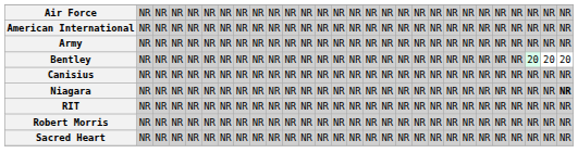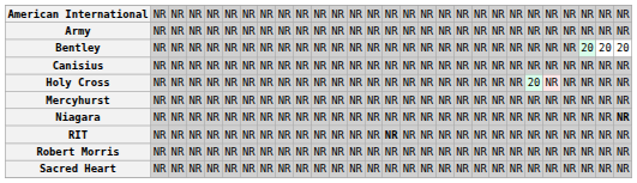 <table class="wikitable sortable" style="text-align: center;">
 <tr>
-</tr>
-<tr bgcolor=d0d0d0>
-<th><strong>Air Force</strong></th>
-<td>NR</td>
-<td>NR</td>
-<td>NR</td>
-<td>NR</td>
-<td>NR</td>
-<td>NR</td>
-<td>NR</td>
-<td>NR</td>
-<td>NR</td>
-<td>NR</td>
-<td>NR</td>
-<td>NR</td>
-<td>NR</td>
-<td>NR</td>
-<td>NR</td>
-<td>NR</td>
-<td>NR</td>
-<td>NR</td>
-<td>NR</td>
-<td>NR</td>
-<td>NR</td>
-<td>NR</td>
-<td>NR</td>
-<td>NR</td>
-<td>NR</td>
-<td>NR</td>
-<td>NR</td>
 </tr>
 <tr bgcolor=d0d0d0>
 <th><strong>American International</strong></th>
 <td>NR</td>
 <td>NR</td>
 <td>NR</td>
 <td>NR</td>
 <td>NR</td>
 <td>NR</td>
 <td>NR</td>
 <td>NR</td>
 <td>NR</td>
 <td>NR</td>
 <td>NR</td>
 <td>NR</td>
 <td>NR</td>
 <td>NR</td>
 <td>NR</td>
 <td>NR</td>
 <td>NR</td>
 <td>NR</td>
 <td>NR</td>
 <td>NR</td>
 <td>NR</td>
 <td>NR</td>
 <td>NR</td>
 <td>NR</td>
 <td>NR</td>
 <td>NR</td>
 <td>NR</td>
 </tr>
 <tr bgcolor=d0d0d0>
 <th><strong>Army</strong></th>
 <td>NR</td>
 <td>NR</td>
 <td>NR</td>
 <td>NR</td>
 <td>NR</td>
 <td>NR</td>
 <td>NR</td>
 <td>NR</td>
 <td>NR</td>
 <td>NR</td>
 <td>NR</td>
 <td>NR</td>
 <td>NR</td>
 <td>NR</td>
 <td>NR</td>
 <td>NR</td>
 <td>NR</td>
 <td>NR</td>
 <td>NR</td>
 <td>NR</td>
 <td>NR</td>
 <td>NR</td>
 <td>NR</td>
 <td>NR</td>
 <td>NR</td>
 <td>NR</td>
 <td>NR</td>
 </tr>
 <tr bgcolor=d0d0d0>
 <th><strong>Bentley</strong></th>
 <td>NR</td>
 <td>NR</td>
 <td>NR</td>
 <td>NR</td>
 <td>NR</td>
 <td>NR</td>
 <td>NR</td>
 <td>NR</td>
 <td>NR</td>
 <td>NR</td>
 <td>NR</td>
 <td>NR</td>
 <td>NR</td>
 <td>NR</td>
 <td>NR</td>
 <td>NR</td>
 <td>NR</td>
 <td>NR</td>
 <td>NR</td>
 <td>NR</td>
 <td>NR</td>
 <td>NR</td>
 <td>NR</td>
 <td>NR</td>
 <td bgcolor=D8FFEB>20</td>
 <td bgcolor=ffffff>20</td>
 <td bgcolor=ffffff>20</td>
 </tr>
 <tr bgcolor=d0d0d0>
 <th><strong>Canisius</strong></th>
 <td>NR</td>
 <td>NR</td>
 <td>NR</td>
 <td>NR</td>
 <td>NR</td>
 <td>NR</td>
 <td>NR</td>
 <td>NR</td>
 <td>NR</td>
 <td>NR</td>
 <td>NR</td>
 <td>NR</td>
 <td>NR</td>
 <td>NR</td>
 <td>NR</td>
 <td>NR</td>
 <td>NR</td>
 <td>NR</td>
 <td>NR</td>
 <td>NR</td>
 <td>NR</td>
 <td>NR</td>
 <td>NR</td>
 <td>NR</td>
 <td>NR</td>
 <td>NR</td>
 <td>NR</td>
 </tr>
 <tr bgcolor=d0d0d0>
+<th><strong>Holy Cross</strong></th>
+<td>NR</td>
+<td>NR</td>
+<td>NR</td>
+<td>NR</td>
+<td>NR</td>
+<td>NR</td>
+<td>NR</td>
+<td>NR</td>
+<td>NR</td>
+<td>NR</td>
+<td>NR</td>
+<td>NR</td>
+<td>NR</td>
+<td>NR</td>
+<td>NR</td>
+<td>NR</td>
+<td>NR</td>
+<td>NR</td>
+<td>NR</td>
+<td>NR</td>
+<td>NR</td>
+<td bgcolor=D8FFEB>20</td>
+<td bgcolor=FFE6E6>NR</td>
+<td>NR</td>
+<td>NR</td>
+<td>NR</td>
+<td>NR</td>
+</tr>
+<tr bgcolor=d0d0d0>
+<th><strong>Mercyhurst</strong></th>
+<td>NR</td>
+<td>NR</td>
+<td>NR</td>
+<td>NR</td>
+<td>NR</td>
+<td>NR</td>
+<td>NR</td>
+<td>NR</td>
+<td>NR</td>
+<td>NR</td>
+<td>NR</td>
+<td>NR</td>
+<td>NR</td>
+<td>NR</td>
+<td>NR</td>
+<td>NR</td>
+<td>NR</td>
+<td>NR</td>
+<td>NR</td>
+<td>NR</td>
+<td>NR</td>
+<td>NR</td>
+<td>NR</td>
+<td>NR</td>
+<td>NR</td>
+<td>NR</td>
+<td>NR</td>
+</tr>
+<tr bgcolor=d0d0d0>
 <th><strong>Niagara</strong></th>
 <td>NR</td>
 <td>NR</td>
 <td>NR</td>
 <td>NR</td>
 <td>NR</td>
 <td>NR</td>
 <td>NR</td>
 <td>NR</td>
 <td>NR</td>
 <td>NR</td>
 <td>NR</td>
 <td>NR</td>
 <td>NR</td>
 <td>NR</td>
 <td>NR</td>
 <td>NR</td>
 <td>NR</td>
 <td>NR</td>
 <td>NR</td>
 <td>NR</td>
 <td>NR</td>
 <td>NR</td>
 <td>NR</td>
 <td>NR</td>
 <td>NR</td>
 <td>NR</td>
 <td><strong>NR</strong></td>
 </tr>
 <tr bgcolor=d0d0d0>
 <th><strong>RIT</strong></th>
 <td>NR</td>
 <td>NR</td>
 <td>NR</td>
 <td>NR</td>
 <td>NR</td>
 <td>NR</td>
 <td>NR</td>
 <td>NR</td>
 <td>NR</td>
 <td>NR</td>
 <td>NR</td>
 <td>NR</td>
 <td>NR</td>
-<td>NR</td>
+<td><strong>NR</strong></td>
 <td>NR</td>
 <td>NR</td>
 <td>NR</td>
 <td>NR</td>
 <td>NR</td>
 <td>NR</td>
 <td>NR</td>
 <td>NR</td>
 <td>NR</td>
 <td>NR</td>
 <td>NR</td>
 <td>NR</td>
 <td>NR</td>
 </tr>
 <tr bgcolor=d0d0d0>
 <th><strong>Robert Morris</strong></th>
 <td>NR</td>
 <td>NR</td>
 <td>NR</td>
 <td>NR</td>
 <td>NR</td>
 <td>NR</td>
 <td>NR</td>
 <td>NR</td>
 <td>NR</td>
 <td>NR</td>
 <td>NR</td>
 <td>NR</td>
 <td>NR</td>
 <td>NR</td>
 <td>NR</td>
 <td>NR</td>
 <td>NR</td>
 <td>NR</td>
 <td>NR</td>
 <td>NR</td>
 <td>NR</td>
 <td>NR</td>
 <td>NR</td>
 <td>NR</td>
 <td>NR</td>
 <td>NR</td>
 <td>NR</td>
 </tr>
 <tr bgcolor=d0d0d0>
 <th><strong>Sacred Heart</strong></th>
 <td>NR</td>
 <td>NR</td>
 <td>NR</td>
 <td>NR</td>
 <td>NR</td>
 <td>NR</td>
 <td>NR</td>
 <td>NR</td>
 <td>NR</td>
 <td>NR</td>
 <td>NR</td>
 <td>NR</td>
 <td>NR</td>
 <td>NR</td>
 <td>NR</td>
 <td>NR</td>
 <td>NR</td>
 <td>NR</td>
 <td>NR</td>
 <td>NR</td>
 <td>NR</td>
 <td>NR</td>
 <td>NR</td>
 <td>NR</td>
 <td>NR</td>
 <td>NR</td>
 <td>NR</td>
 </tr>
 <tr>
 </tr>
 </table>
